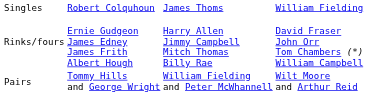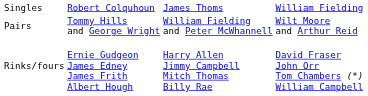 <table>
 <tr>
 <td>Singles</td>
 <td> <a href='#'>Robert Colquhoun</a></td>
 <td> <a href='#'>James Thoms</a></td>
 <td> <a href='#'>William Fielding</a></td>
 </tr>
 <tr>
+<td>Pairs</td>
+<td> <a href='#'>Tommy Hills</a><br>and <a href='#'>George Wright</a></td>
+<td> <a href='#'>William Fielding</a><br>and <a href='#'>Peter McWhannell</a></td>
+<td> <a href='#'>Wilt Moore</a><br>and <a href='#'>Arthur Reid</a></td>
+</tr>
+<tr>
 <td>Rinks/fours</td>
 <td><br><a href='#'>Ernie Gudgeon</a><br><a href='#'>James Edney</a><br><a href='#'>James Frith</a><br><a href='#'>Albert Hough</a></td>
 <td><br><a href='#'>Harry Allen</a><br><a href='#'>Jimmy Campbell</a><br><a href='#'>Mitch Thomas</a><br><a href='#'>Billy Rae</a></td>
 <td><br><a href='#'>David Fraser</a><br><a href='#'>John Orr</a><br><a href='#'>Tom Chambers</a> <em>(*)</em><br><a href='#'>William Campbell</a></td>
 </tr>
-<tr>
-<td>Pairs</td>
-<td> <a href='#'>Tommy Hills</a><br>and <a href='#'>George Wright</a></td>
-<td> <a href='#'>William Fielding</a><br>and <a href='#'>Peter McWhannell</a></td>
-<td> <a href='#'>Wilt Moore</a><br>and <a href='#'>Arthur Reid</a></td>
-</tr>
 </table>
